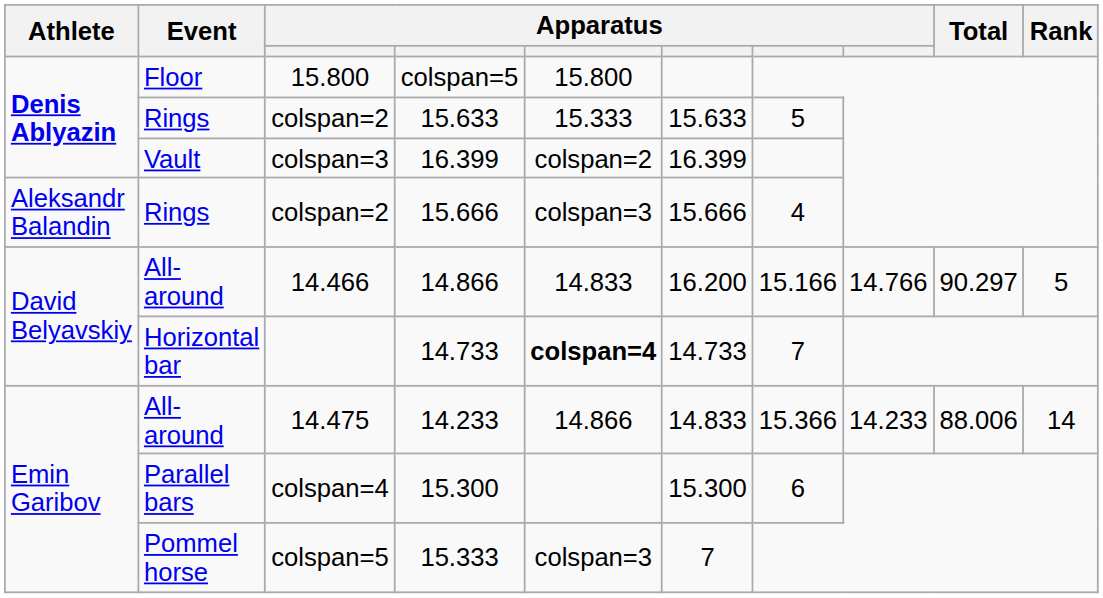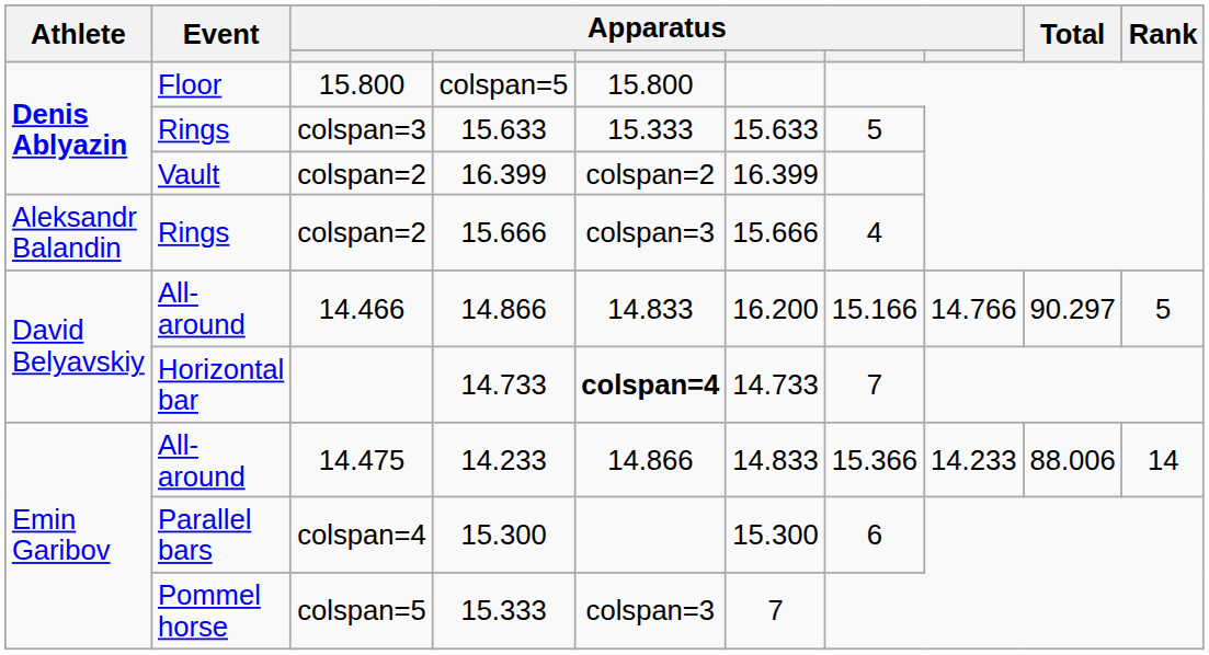 <table class="wikitable" style="font-size:90%">
 <tr>
 <th rowspan=2>Athlete</th>
 <th rowspan=2>Event</th>
 <th colspan =6>Apparatus</th>
 <th rowspan=2>Total</th>
 <th rowspan=2>Rank</th>
 </tr>
 <tr style="font-size:95%">
 <th></th>
 <th></th>
 <th></th>
 <th></th>
 <th></th>
 <th></th>
 </tr>
 <tr align=center>
 <td align=left rowspan=3><strong><a href='#'>Denis Ablyazin</a></strong></td>
 <td align=left><a href='#'>Floor</a></td>
 <td>15.800</td>
 <td>colspan=5 </td>
 <td>15.800</td>
 <td></td>
 </tr>
 <tr align=center>
 <td align=left><a href='#'>Rings</a></td>
-<td>colspan=2 </td>
+<td>colspan=3 </td>
 <td>15.633</td>
 <td>15.333</td>
 <td>15.633</td>
 <td>5</td>
 </tr>
 <tr align=center>
 <td align=left><a href='#'>Vault</a></td>
-<td>colspan=3 </td>
+<td>colspan=2 </td>
 <td>16.399</td>
 <td>colspan=2 </td>
 <td>16.399</td>
 <td></td>
 </tr>
 <tr align=center>
 <td align=left><a href='#'>Aleksandr Balandin</a></td>
 <td align=left><a href='#'>Rings</a></td>
 <td>colspan=2 </td>
 <td>15.666</td>
 <td>colspan=3 </td>
 <td>15.666</td>
 <td>4</td>
 </tr>
 <tr align=center>
 <td align=left rowspan=2><a href='#'>David Belyavskiy</a></td>
 <td align=left><a href='#'>All-around</a></td>
 <td>14.466</td>
 <td>14.866</td>
 <td>14.833</td>
 <td>16.200</td>
 <td>15.166</td>
 <td>14.766</td>
 <td>90.297</td>
 <td>5</td>
 </tr>
 <tr align=center>
 <td align=left><a href='#'>Horizontal bar</a></td>
 <td></td>
 <td>14.733</td>
 <td><strong>colspan=4 </strong></td>
 <td>14.733</td>
 <td>7</td>
 </tr>
 <tr align=center>
 <td align=left rowspan=3><a href='#'>Emin Garibov</a></td>
 <td align=left><a href='#'>All-around</a></td>
 <td>14.475</td>
 <td>14.233</td>
 <td>14.866</td>
 <td>14.833</td>
 <td>15.366</td>
 <td>14.233</td>
 <td>88.006</td>
 <td>14</td>
 </tr>
 <tr align=center>
 <td align=left><a href='#'>Parallel bars</a></td>
 <td>colspan=4 </td>
 <td>15.300</td>
 <td></td>
 <td>15.300</td>
 <td>6</td>
 </tr>
 <tr align=center>
 <td align=left><a href='#'>Pommel horse</a></td>
 <td>colspan=5 </td>
 <td>15.333</td>
 <td>colspan=3 </td>
 <td>7</td>
 </tr>
 </table>
